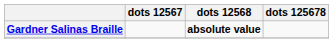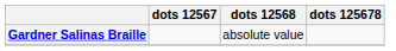 <table class="wikitable">
 <tr>
 <th></th>
 <th>dots 12567</th>
 <th>dots 12568</th>
 <th>dots 125678</th>
 </tr>
 <tr>
 <th align=left><a href='#'>Gardner Salinas Braille</a></th>
 <td></td>
-<td><strong>absolute value</strong></td>
+<td>absolute value</td>
 <td></td>
 </tr>
 <tr>
 </tr>
 <tr>
 </tr>
 </table>
